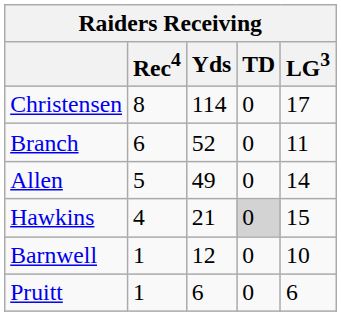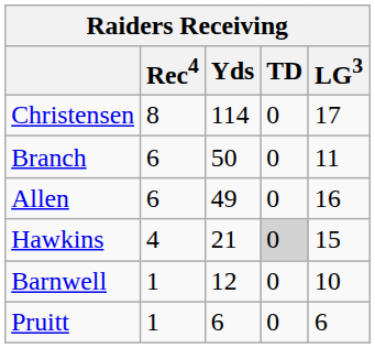 <table class="wikitable">
 <tr>
 <th colspan="5">Raiders Receiving</th>
 </tr>
 <tr>
 <th></th>
 <th>Rec<sup>4</sup></th>
 <th>Yds</th>
 <th>TD</th>
 <th>LG<sup>3</sup></th>
 </tr>
 <tr>
 <td><a href='#'>Christensen</a></td>
 <td>8</td>
 <td>114</td>
 <td>0</td>
 <td>17</td>
 </tr>
 <tr>
 <td><a href='#'>Branch</a></td>
 <td>6</td>
-<td>52</td>
+<td>50</td>
 <td>0</td>
 <td>11</td>
 </tr>
 <tr>
 <td><a href='#'>Allen</a></td>
-<td>5</td>
+<td>6</td>
 <td>49</td>
 <td>0</td>
-<td>14</td>
+<td>16</td>
 </tr>
 <tr>
 <td><a href='#'>Hawkins</a></td>
 <td>4</td>
 <td>21</td>
 <td style="background: lightgrey;">0</td>
 <td>15</td>
 </tr>
 <tr>
 <td><a href='#'>Barnwell</a></td>
 <td>1</td>
 <td>12</td>
 <td>0</td>
 <td>10</td>
 </tr>
 <tr>
 <td><a href='#'>Pruitt</a></td>
 <td>1</td>
 <td>6</td>
 <td>0</td>
 <td>6</td>
 </tr>
 </table>
